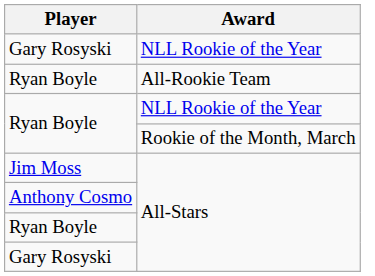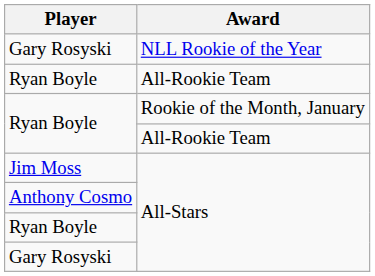 <table class="wikitable">
 <tr>
 <th>Player</th>
 <th>Award</th>
 </tr>
 <tr>
 <td>Gary Rosyski</td>
 <td><a href='#'>NLL Rookie of the Year</a></td>
 </tr>
 <tr>
 <td>Ryan Boyle</td>
 <td>All-Rookie Team</td>
 </tr>
 <tr>
 <td rowspan=2>Ryan Boyle</td>
-<td><a href='#'>NLL Rookie of the Year</a></td>
+<td>Rookie of the Month, January</td>
 </tr>
 <tr>
-<td>Rookie of the Month, March</td>
+<td>All-Rookie Team</td>
 </tr>
 <tr>
 <td><a href='#'>Jim Moss</a></td>
 <td rowspan=4>All-Stars</td>
 </tr>
 <tr>
 <td><a href='#'>Anthony Cosmo</a></td>
 </tr>
 <tr>
 <td>Ryan Boyle</td>
 </tr>
 <tr>
 <td>Gary Rosyski</td>
 </tr>
 </table>
